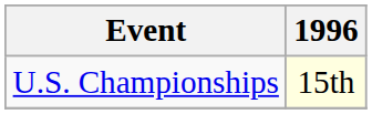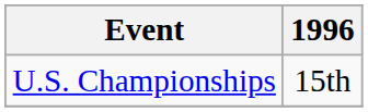 <table class="wikitable">
 <tr>
 <th>Event</th>
 <th>1996</th>
 </tr>
 <tr>
 <td><a href='#'>U.S. Championships</a></td>
-<td align="center" style="background: lightyellow;">15th</td>
+<td align="center">15th</td>
 </tr>
 <tr>
 </tr>
 </table>
